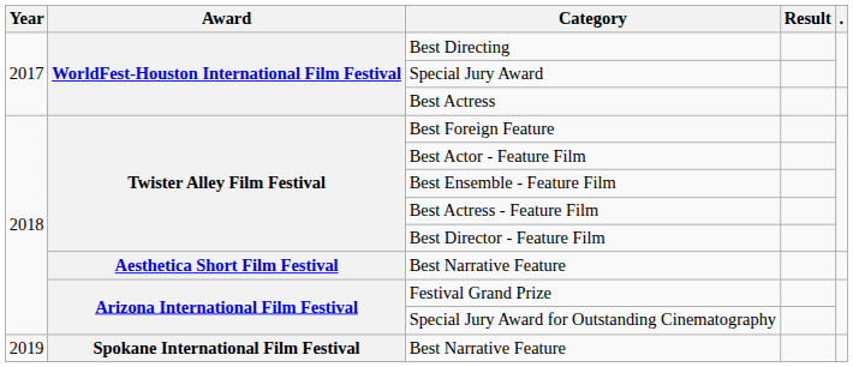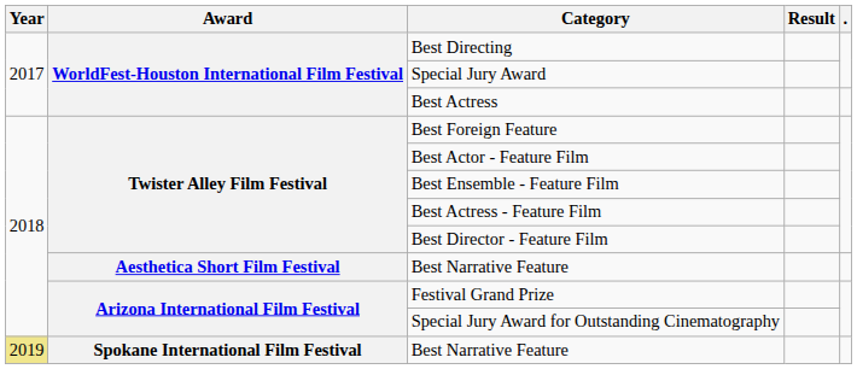 <table class="wikitable plainrowheaders">
 <tr>
 <th scope="col">Year</th>
 <th scope="col">Award</th>
 <th scope="col">Category</th>
 <th scope="col">Result</th>
 <th scope="col">.</th>
 </tr>
 <tr>
 <td rowspan="3">2017</td>
 <th scope="row" rowspan="3"><a href='#'>WorldFest-Houston International Film Festival</a></th>
 <td>Best Directing</td>
 <td></td>
 <td style="text-align:center;" rowspan="2"></td>
 </tr>
 <tr>
 <td>Special Jury Award</td>
 <td></td>
 </tr>
 <tr>
 <td>Best Actress</td>
 <td></td>
 <td style="text-align:center;"></td>
 </tr>
 <tr>
 <td rowspan="8">2018</td>
 <th scope="row" rowspan="5">Twister Alley Film Festival</th>
 <td>Best Foreign Feature</td>
 <td></td>
 <td style="text-align:center;" rowspan="5"></td>
 </tr>
 <tr>
 <td>Best Actor - Feature Film</td>
 <td></td>
 </tr>
 <tr>
 <td>Best Ensemble - Feature Film</td>
 <td></td>
 </tr>
 <tr>
 <td>Best Actress - Feature Film</td>
 <td></td>
 </tr>
 <tr>
 <td>Best Director - Feature Film</td>
 <td></td>
 </tr>
 <tr>
 <th scope="row"><a href='#'>Aesthetica Short Film Festival</a></th>
 <td>Best Narrative Feature</td>
 <td></td>
 <td style="text-align:center;"></td>
 </tr>
 <tr>
 <th scope="row" rowspan="2"><a href='#'>Arizona International Film Festival</a></th>
 <td>Festival Grand Prize</td>
 <td></td>
 <td style="text-align:center;" rowspan="2"></td>
 </tr>
 <tr>
 <td>Special Jury Award for Outstanding Cinematography</td>
 <td></td>
 </tr>
 <tr>
-<td>2019</td>
+<td style="background: khaki;">2019</td>
 <th scope="row">Spokane International Film Festival</th>
 <td>Best Narrative Feature</td>
 <td></td>
 <td style="text-align:center;"></td>
 </tr>
 </table>
